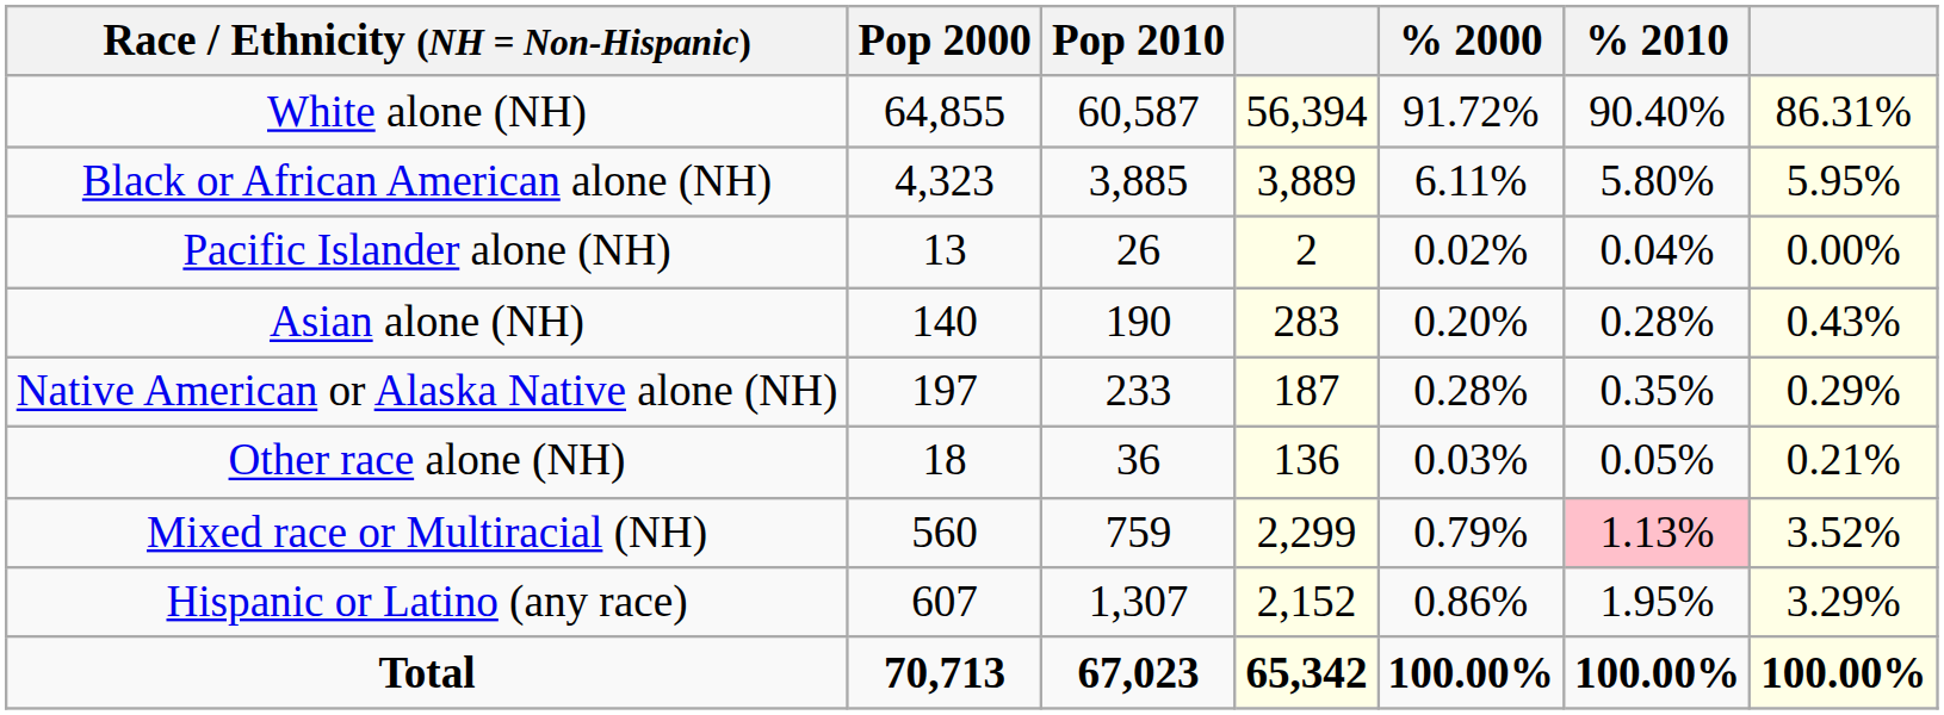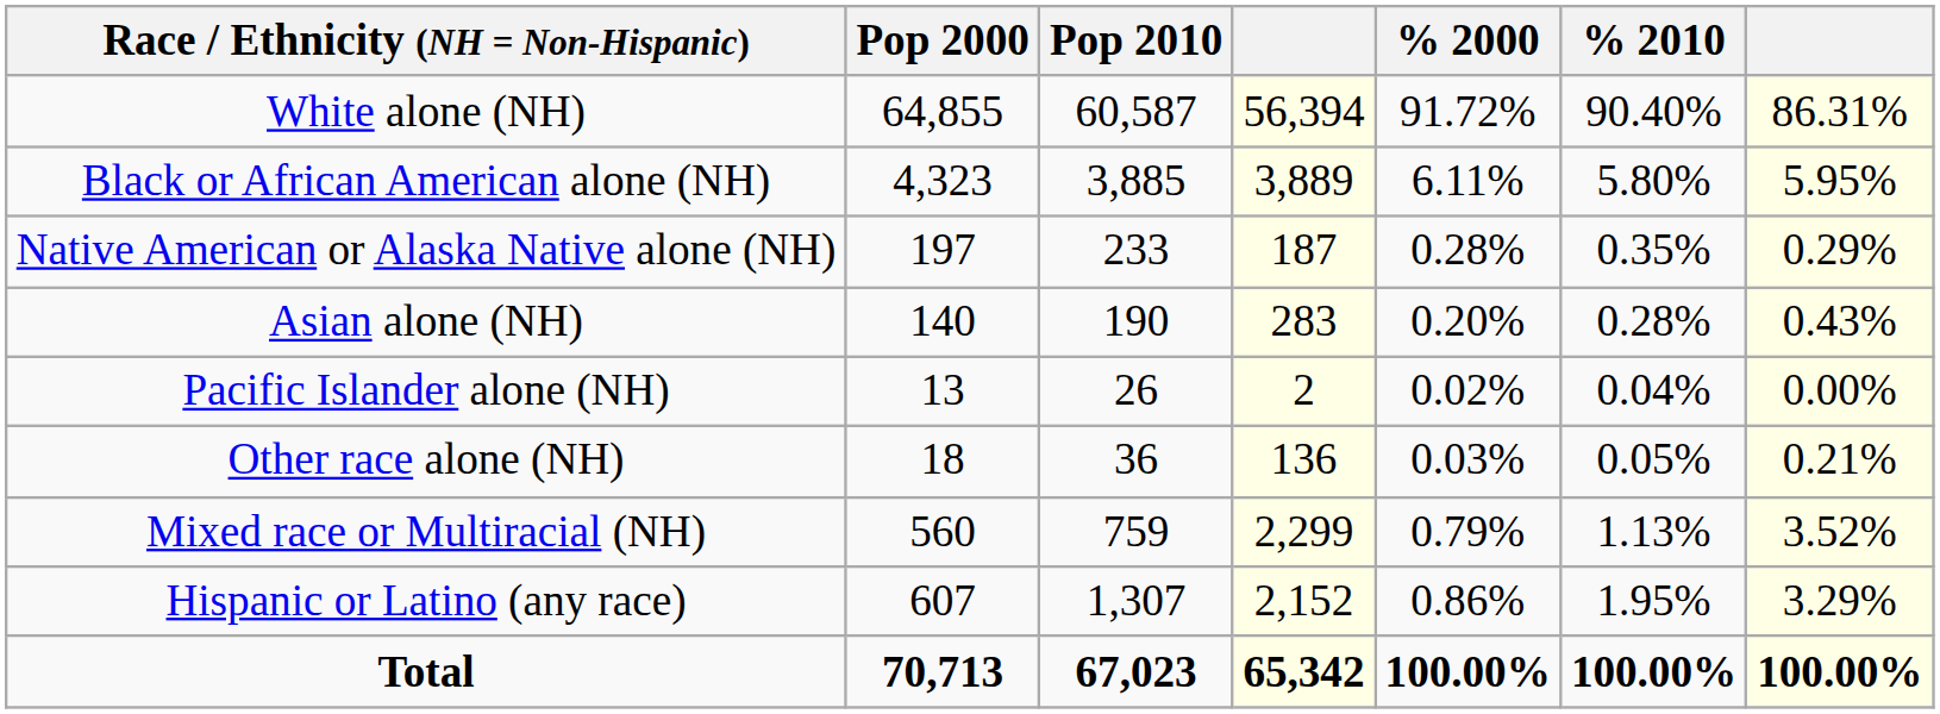 <table class="wikitable" style="text-align:center;">
 <tr>
 <th>Race / Ethnicity <small>(<em>NH = Non-Hispanic</em>)</small></th>
 <th>Pop 2000</th>
 <th>Pop 2010</th>
 <th></th>
 <th>% 2000</th>
 <th>% 2010</th>
 <th></th>
 </tr>
 <tr>
 <td><a href='#'>White</a> alone (NH)</td>
 <td>64,855</td>
 <td>60,587</td>
 <td style='background: #ffffe6;'>56,394</td>
 <td>91.72%</td>
 <td>90.40%</td>
 <td style='background: #ffffe6;'>86.31%</td>
 </tr>
 <tr>
 <td><a href='#'>Black or African American</a> alone (NH)</td>
 <td>4,323</td>
 <td>3,885</td>
 <td style='background: #ffffe6;'>3,889</td>
 <td>6.11%</td>
 <td>5.80%</td>
 <td style='background: #ffffe6;'>5.95%</td>
 </tr>
 <tr>
-<td><a href='#'>Pacific Islander</a> alone (NH)</td>
-<td>13</td>
-<td>26</td>
-<td style='background: #ffffe6;'>2</td>
-<td>0.02%</td>
-<td>0.04%</td>
-<td style='background: #ffffe6;'>0.00%</td>
+<td><a href='#'>Native American</a> or <a href='#'>Alaska Native</a> alone (NH)</td>
+<td>197</td>
+<td>233</td>
+<td style='background: #ffffe6;'>187</td>
+<td>0.28%</td>
+<td>0.35%</td>
+<td style='background: #ffffe6;'>0.29%</td>
 </tr>
 <tr>
 <td><a href='#'>Asian</a> alone (NH)</td>
 <td>140</td>
 <td>190</td>
 <td style='background: #ffffe6;'>283</td>
 <td>0.20%</td>
 <td>0.28%</td>
 <td style='background: #ffffe6;'>0.43%</td>
 </tr>
 <tr>
-<td><a href='#'>Native American</a> or <a href='#'>Alaska Native</a> alone (NH)</td>
-<td>197</td>
-<td>233</td>
-<td style='background: #ffffe6;'>187</td>
-<td>0.28%</td>
-<td>0.35%</td>
-<td style='background: #ffffe6;'>0.29%</td>
+<td><a href='#'>Pacific Islander</a> alone (NH)</td>
+<td>13</td>
+<td>26</td>
+<td style='background: #ffffe6;'>2</td>
+<td>0.02%</td>
+<td>0.04%</td>
+<td style='background: #ffffe6;'>0.00%</td>
 </tr>
 <tr>
 <td><a href='#'>Other race</a> alone (NH)</td>
 <td>18</td>
 <td>36</td>
 <td style='background: #ffffe6;'>136</td>
 <td>0.03%</td>
 <td>0.05%</td>
 <td style='background: #ffffe6;'>0.21%</td>
 </tr>
 <tr>
 <td><a href='#'>Mixed race or Multiracial</a> (NH)</td>
 <td>560</td>
 <td>759</td>
 <td style='background: #ffffe6;'>2,299</td>
 <td>0.79%</td>
-<td style="background: pink;">1.13%</td>
+<td>1.13%</td>
 <td style='background: #ffffe6;'>3.52%</td>
 </tr>
 <tr>
 <td><a href='#'>Hispanic or Latino</a> (any race)</td>
 <td>607</td>
 <td>1,307</td>
 <td style='background: #ffffe6;'>2,152</td>
 <td>0.86%</td>
 <td>1.95%</td>
 <td style='background: #ffffe6;'>3.29%</td>
 </tr>
 <tr>
 <td><strong>Total</strong></td>
 <td><strong>70,713</strong></td>
 <td><strong>67,023</strong></td>
 <td style='background: #ffffe6;'><strong>65,342</strong></td>
 <td><strong>100.00%</strong></td>
 <td><strong>100.00%</strong></td>
 <td style='background: #ffffe6;'><strong>100.00%</strong></td>
 </tr>
 </table>
